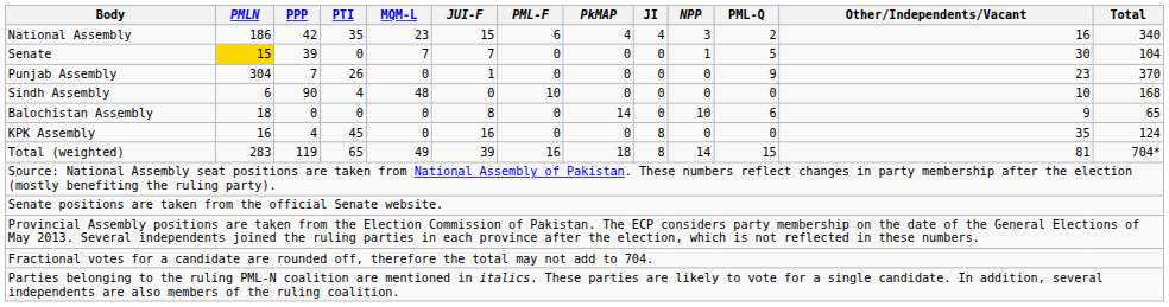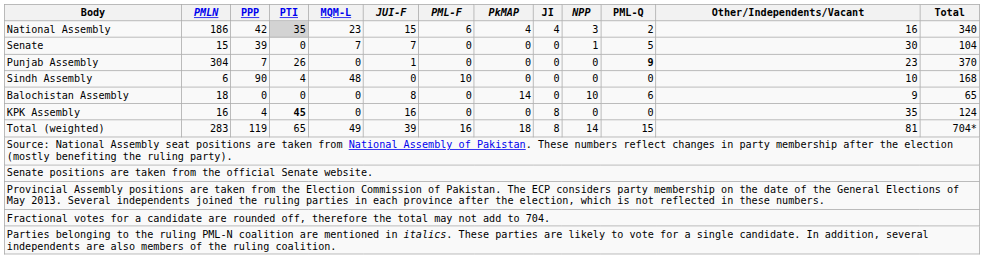 <table class="wikitable sortable" style="text-align:right">
 <tr>
 <th>Body</th>
 <th><em><a href='#'>PMLN</a></em></th>
 <th><a href='#'>PPP</a></th>
 <th><a href='#'>PTI</a></th>
 <th><a href='#'>MQM-L</a></th>
 <th><em>JUI-F</em></th>
 <th><em>PML-F</em></th>
 <th><em>PkMAP</em></th>
 <th>JI</th>
 <th><em>NPP</em></th>
 <th>PML-Q</th>
 <th>Other/Independents/Vacant</th>
 <th>Total</th>
 </tr>
 <tr>
 <td align=left>National Assembly</td>
 <td>186</td>
 <td>42</td>
-<td>35</td>
+<td style="background: lightgrey;">35</td>
 <td>23</td>
 <td>15</td>
 <td>6</td>
 <td>4</td>
 <td>4</td>
 <td>3</td>
 <td>2</td>
 <td>16</td>
 <td>340</td>
 </tr>
 <tr>
 <td align=left>Senate</td>
-<td style="background: gold;">15</td>
+<td>15</td>
 <td>39</td>
 <td>0</td>
 <td>7</td>
 <td>7</td>
 <td>0</td>
 <td>0</td>
 <td>0</td>
 <td>1</td>
 <td>5</td>
 <td>30</td>
 <td>104</td>
 </tr>
 <tr>
 <td align=left>Punjab Assembly</td>
 <td>304</td>
 <td>7</td>
 <td>26</td>
 <td>0</td>
 <td>1</td>
 <td>0</td>
 <td>0</td>
 <td>0</td>
 <td>0</td>
-<td>9</td>
+<td><strong>9</strong></td>
 <td>23</td>
 <td>370</td>
 </tr>
 <tr>
 <td align=left>Sindh Assembly</td>
 <td>6</td>
 <td>90</td>
 <td>4</td>
 <td>48</td>
 <td>0</td>
 <td>10</td>
 <td>0</td>
 <td>0</td>
 <td>0</td>
 <td>0</td>
 <td>10</td>
 <td>168</td>
 </tr>
 <tr>
 <td align=left>Balochistan Assembly</td>
 <td>18</td>
 <td>0</td>
 <td>0</td>
 <td>0</td>
 <td>8</td>
 <td>0</td>
 <td>14</td>
 <td>0</td>
 <td>10</td>
 <td>6</td>
 <td>9</td>
 <td>65</td>
 </tr>
 <tr>
 <td style="text-align:left;">KPK Assembly</td>
 <td>16</td>
 <td>4</td>
-<td>45</td>
+<td><strong>45</strong></td>
 <td>0</td>
 <td>16</td>
 <td>0</td>
 <td>0</td>
 <td>8</td>
 <td>0</td>
 <td>0</td>
 <td>35</td>
 <td>124</td>
 </tr>
 <tr>
 <td align=left>Total (weighted)</td>
 <td>283</td>
 <td>119</td>
 <td>65</td>
 <td>49</td>
 <td>39</td>
 <td>16</td>
 <td>18</td>
 <td>8</td>
 <td>14</td>
 <td>15</td>
 <td>81</td>
 <td>704*</td>
 </tr>
 <tr>
 <td colspan="13" style="text-align:left;">Source: National Assembly seat positions are taken from <a href='#'>National Assembly of Pakistan</a>. These numbers reflect changes in party membership after the election (mostly benefiting the ruling party).</td>
 </tr>
 <tr>
 <td colspan="13" style="text-align:left;">Senate positions are taken from the official Senate website.</td>
 </tr>
 <tr>
 <td colspan="13" style="text-align:left;">Provincial Assembly positions are taken from the Election Commission of Pakistan. The ECP considers party membership on the date of the General Elections of May 2013. Several independents joined the ruling parties in each province after the election, which is not reflected in these numbers.</td>
 </tr>
 <tr>
 <td colspan="13" style="text-align:left;">Fractional votes for a candidate are rounded off, therefore the total may not add to 704.</td>
 </tr>
 <tr>
 <td colspan="13" style="text-align:left;">Parties belonging to the ruling PML-N coalition are mentioned in <em>italics</em>. These parties are likely to vote for a single candidate. In addition, several independents are also members of the ruling coalition.</td>
 </tr>
 </table>
